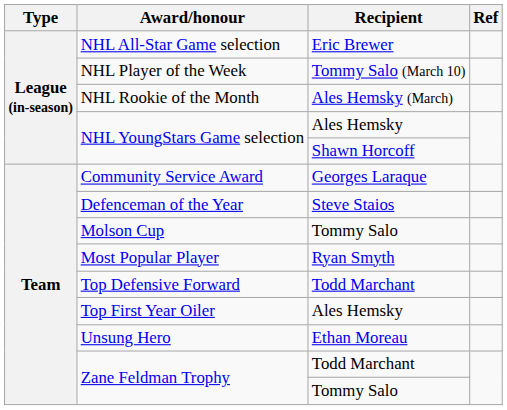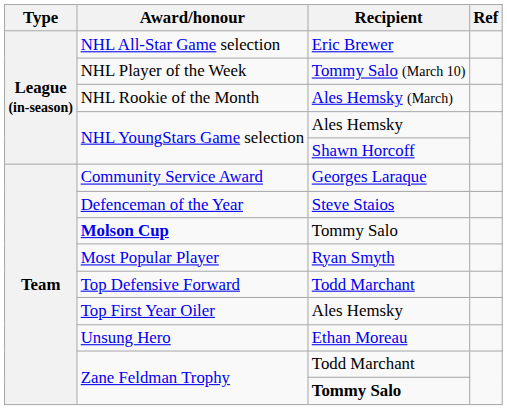 <table class="wikitable">
 <tr>
 <th scope="col">Type</th>
 <th scope="col">Award/honour</th>
 <th scope="col">Recipient</th>
 <th scope="col">Ref</th>
 </tr>
 <tr>
 <th scope="row" rowspan="5">League<br><small>(in-season)</small></th>
 <td><a href='#'>NHL All-Star Game</a> selection</td>
 <td><a href='#'>Eric Brewer</a></td>
 <td></td>
 </tr>
 <tr>
 <td>NHL Player of the Week</td>
 <td><a href='#'>Tommy Salo</a> <small>(March 10)</small></td>
 <td></td>
 </tr>
 <tr>
 <td>NHL Rookie of the Month</td>
 <td><a href='#'>Ales Hemsky</a> <small>(March)</small></td>
 <td></td>
 </tr>
 <tr>
 <td rowspan="2"><a href='#'>NHL YoungStars Game</a> selection</td>
 <td>Ales Hemsky</td>
 <td rowspan="2"></td>
 </tr>
 <tr>
 <td><a href='#'>Shawn Horcoff</a></td>
 </tr>
 <tr>
 <th scope="row" rowspan="9">Team</th>
 <td><a href='#'>Community Service Award</a></td>
 <td><a href='#'>Georges Laraque</a></td>
 <td></td>
 </tr>
 <tr>
 <td><a href='#'>Defenceman of the Year</a></td>
 <td><a href='#'>Steve Staios</a></td>
 <td></td>
 </tr>
 <tr>
-<td><a href='#'>Molson Cup</a></td>
+<td><strong><a href='#'>Molson Cup</a></strong></td>
 <td>Tommy Salo</td>
 <td></td>
 </tr>
 <tr>
 <td><a href='#'>Most Popular Player</a></td>
 <td><a href='#'>Ryan Smyth</a></td>
 <td></td>
 </tr>
 <tr>
 <td><a href='#'>Top Defensive Forward</a></td>
 <td><a href='#'>Todd Marchant</a></td>
 <td></td>
 </tr>
 <tr>
 <td><a href='#'>Top First Year Oiler</a></td>
 <td>Ales Hemsky</td>
 <td></td>
 </tr>
 <tr>
 <td><a href='#'>Unsung Hero</a></td>
 <td><a href='#'>Ethan Moreau</a></td>
 <td></td>
 </tr>
 <tr>
 <td rowspan="9"><a href='#'>Zane Feldman Trophy</a></td>
 <td>Todd Marchant</td>
 <td rowspan="9"></td>
 </tr>
 <tr>
-<td>Tommy Salo</td>
+<td><strong>Tommy Salo</strong></td>
 </tr>
 </table>
